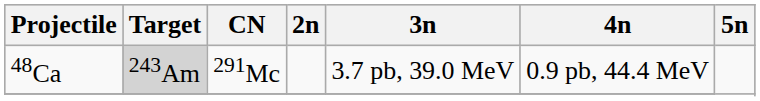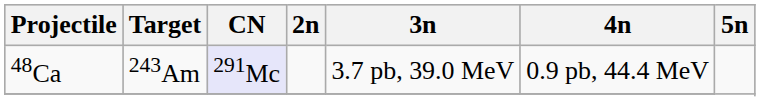 <table class="wikitable">
 <tr>
 <th>Projectile</th>
 <th>Target</th>
 <th>CN</th>
 <th>2n</th>
 <th>3n</th>
 <th>4n</th>
 <th>5n</th>
 </tr>
 <tr>
 <td><sup>48</sup>Ca</td>
-<td style="background: lightgrey;"><sup>243</sup>Am</td>
-<td><sup>291</sup>Mc</td>
+<td><sup>243</sup>Am</td>
+<td style="background: lavender;"><sup>291</sup>Mc</td>
 <td></td>
 <td>3.7 pb, 39.0 MeV</td>
 <td>0.9 pb, 44.4 MeV</td>
 </tr>
 <tr>
 </tr>
 </table>
